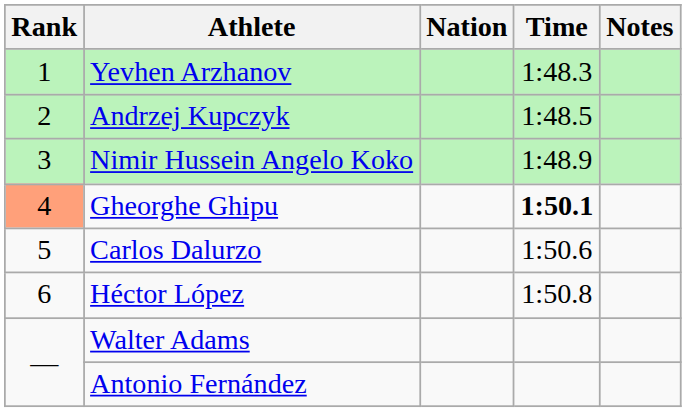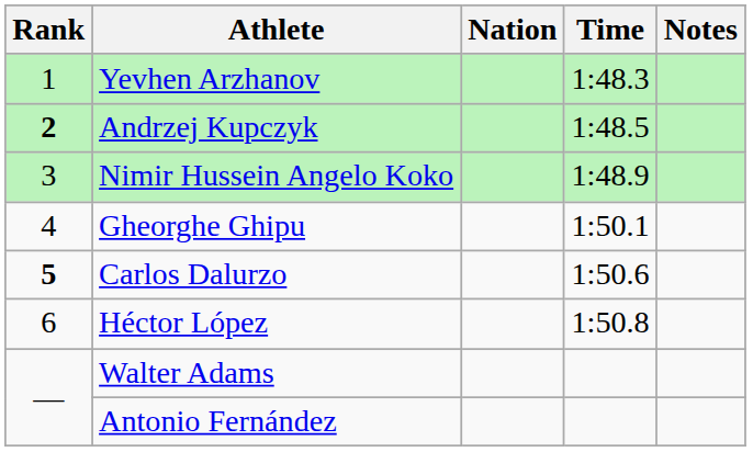 <table class="wikitable sortable" style="text-align:center">
 <tr>
 <th>Rank</th>
 <th>Athlete</th>
 <th>Nation</th>
 <th>Time</th>
 <th>Notes</th>
 </tr>
 <tr style="background:#bbf3bb;">
 <td>1</td>
 <td align=left><a href='#'>Yevhen Arzhanov</a></td>
 <td align=left></td>
 <td>1:48.3</td>
 <td></td>
 </tr>
 <tr style="background:#bbf3bb;">
-<td>2</td>
+<td><strong>2</strong></td>
 <td align=left><a href='#'>Andrzej Kupczyk</a></td>
 <td align=left></td>
 <td>1:48.5</td>
 <td></td>
 </tr>
 <tr style="background:#bbf3bb;">
 <td>3</td>
 <td align=left><a href='#'>Nimir Hussein Angelo Koko</a></td>
 <td align=left></td>
 <td>1:48.9</td>
 <td></td>
 </tr>
 <tr>
-<td style="background: lightsalmon;">4</td>
+<td>4</td>
 <td align=left><a href='#'>Gheorghe Ghipu</a></td>
 <td align=left></td>
-<td><strong>1:50.1</strong></td>
+<td>1:50.1</td>
 <td></td>
 </tr>
 <tr>
-<td>5</td>
+<td><strong>5</strong></td>
 <td align=left><a href='#'>Carlos Dalurzo</a></td>
 <td align=left></td>
 <td>1:50.6</td>
 <td></td>
 </tr>
 <tr>
 <td>6</td>
 <td align=left><a href='#'>Héctor López</a></td>
 <td align=left></td>
 <td>1:50.8</td>
 <td></td>
 </tr>
 <tr>
 <td rowspan=2 data-sort-value=7>—</td>
 <td align=left><a href='#'>Walter Adams</a></td>
 <td align=left></td>
 <td></td>
 <td></td>
 </tr>
 <tr>
 <td align=left><a href='#'>Antonio Fernández</a></td>
 <td align=left></td>
 <td></td>
 <td></td>
 </tr>
 </table>
